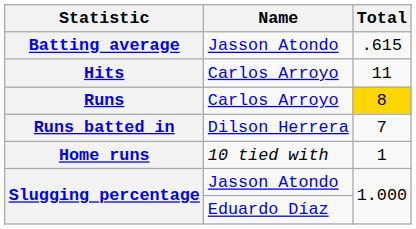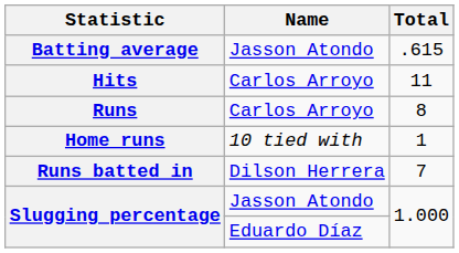 <table class="wikitable plainrowheaders">
 <tr>
 <th scope="col">Statistic</th>
 <th scope="col">Name</th>
 <th scope="col">Total</th>
 </tr>
 <tr>
 <th scope="row"><a href='#'>Batting average</a></th>
 <td> <a href='#'>Jasson Atondo</a></td>
 <td align=center>.615</td>
 </tr>
 <tr>
 <th scope="row"><a href='#'>Hits</a></th>
 <td> <a href='#'>Carlos Arroyo</a></td>
 <td align=center>11</td>
 </tr>
 <tr>
 <th scope="row"><a href='#'>Runs</a></th>
 <td> <a href='#'>Carlos Arroyo</a></td>
-<td align=center style="background: gold;">8</td>
+<td align=center>8</td>
+</tr>
+<tr>
+<th scope="row"><a href='#'>Home runs</a></th>
+<td><em>10 tied with</em></td>
+<td align=center>1</td>
 </tr>
 <tr>
 <th scope="row"><a href='#'>Runs batted in</a></th>
 <td> <a href='#'>Dilson Herrera</a></td>
 <td align=center>7</td>
-</tr>
-<tr>
-<th scope="row"><a href='#'>Home runs</a></th>
-<td><em>10 tied with</em></td>
-<td align=center>1</td>
 </tr>
 <tr>
 <th scope="row" rowspan=2><a href='#'>Slugging percentage</a></th>
 <td> <a href='#'>Jasson Atondo</a></td>
 <td align=center rowspan=2>1.000</td>
 </tr>
 <tr>
 <td> <a href='#'>Eduardo Díaz</a></td>
 </tr>
 </table>
